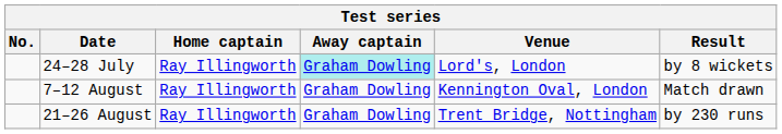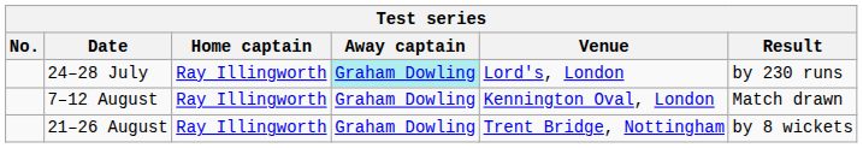 <table class="wikitable">
 <tr>
 <th colspan="9">Test series</th>
 </tr>
 <tr>
 <th>No.</th>
 <th>Date</th>
 <th>Home captain</th>
 <th>Away captain</th>
 <th>Venue</th>
 <th>Result</th>
 </tr>
 <tr>
 <td></td>
 <td>24–28 July</td>
 <td><a href='#'>Ray Illingworth</a></td>
 <td style="background: paleturquoise;"><a href='#'>Graham Dowling</a></td>
 <td><a href='#'>Lord's</a>, <a href='#'>London</a></td>
-<td> by 8 wickets</td>
+<td> by 230 runs</td>
 </tr>
 <tr>
 <td></td>
 <td>7–12 August</td>
 <td><a href='#'>Ray Illingworth</a></td>
 <td><a href='#'>Graham Dowling</a></td>
 <td><a href='#'>Kennington Oval</a>, <a href='#'>London</a></td>
 <td>Match drawn</td>
 </tr>
 <tr>
 <td></td>
 <td>21–26 August</td>
 <td><a href='#'>Ray Illingworth</a></td>
 <td><a href='#'>Graham Dowling</a></td>
 <td><a href='#'>Trent Bridge</a>, <a href='#'>Nottingham</a></td>
-<td> by 230 runs</td>
+<td> by 8 wickets</td>
 </tr>
 </table>
